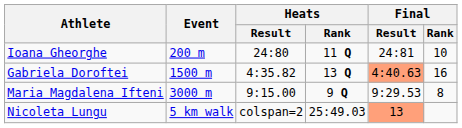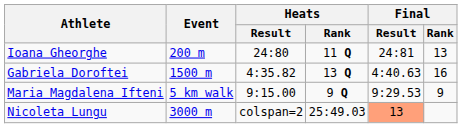 <table class="wikitable" style="font-size:90%">
 <tr>
 <th rowspan=2>Athlete</th>
 <th rowspan=2>Event</th>
 <th colspan=2>Heats</th>
 <th colspan=2>Final</th>
 </tr>
 <tr style="font-size:95%">
 <th>Result</th>
 <th>Rank</th>
 <th>Result</th>
 <th>Rank</th>
 </tr>
 <tr align=center>
 <td align=left><a href='#'>Ioana Gheorghe</a></td>
 <td align=left><a href='#'>200 m</a></td>
 <td>24:80</td>
 <td>11 <strong>Q</strong></td>
 <td>24:81</td>
-<td>10</td>
+<td>13</td>
 </tr>
 <tr align=center>
 <td align=left><a href='#'>Gabriela Doroftei</a></td>
 <td align=left><a href='#'>1500 m</a></td>
 <td>4:35.82</td>
 <td>13 <strong>Q</strong></td>
-<td style="background: lightsalmon;">4:40.63</td>
+<td>4:40.63</td>
 <td>16</td>
 </tr>
 <tr align=center>
 <td align=left><a href='#'>Maria Magdalena Ifteni</a></td>
-<td align=left><a href='#'>3000 m</a></td>
+<td align=left><a href='#'>5 km walk</a></td>
 <td>9:15.00</td>
 <td>9 <strong>Q</strong></td>
 <td>9:29.53</td>
-<td>8</td>
+<td>9</td>
 </tr>
 <tr align=center>
 <td align=left><a href='#'>Nicoleta Lungu</a></td>
-<td align=left><a href='#'>5 km walk</a></td>
+<td align=left><a href='#'>3000 m</a></td>
 <td>colspan=2 </td>
 <td>25:49.03</td>
 <td style="background: lightsalmon;">13</td>
 </tr>
 </table>
